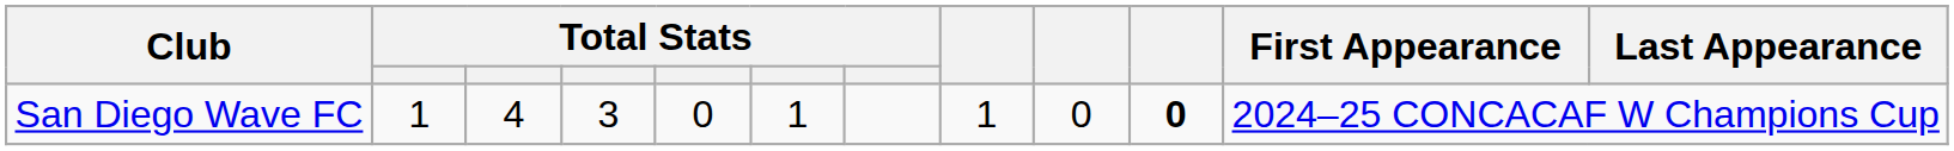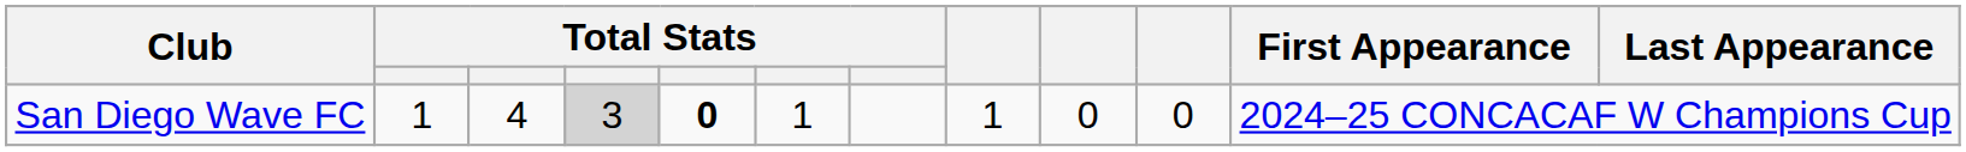 <table class="wikitable sortable" style="font-size:95%; text-align: center">
 <tr>
 <th rowspan=2>Club</th>
 <th style="width:30px;" colspan=6>Total Stats</th>
 <th rowspan=2 style="width:2em"></th>
 <th rowspan=2 style="width:2em"></th>
 <th rowspan=2 style="width:2em"></th>
 <th rowspan=2>First Appearance</th>
 <th rowspan=2>Last Appearance</th>
 </tr>
 <tr>
 <th style="width:2em"></th>
 <th style="width:2em"></th>
 <th style="width:2em"></th>
 <th style="width:2em"></th>
 <th style="width:2em"></th>
 <th style="width:2em"></th>
 </tr>
 <tr>
 <td><a href='#'>San Diego Wave FC</a></td>
 <td>1</td>
 <td>4</td>
-<td>3</td>
-<td>0</td>
+<td style="background: lightgrey;">3</td>
+<td><strong>0</strong></td>
 <td>1</td>
 <td></td>
 <td>1</td>
 <td>0</td>
-<td><strong>0</strong></td>
+<td>0</td>
 <td colspan="2"><a href='#'>2024–25 CONCACAF W Champions Cup</a></td>
 </tr>
 </table>
